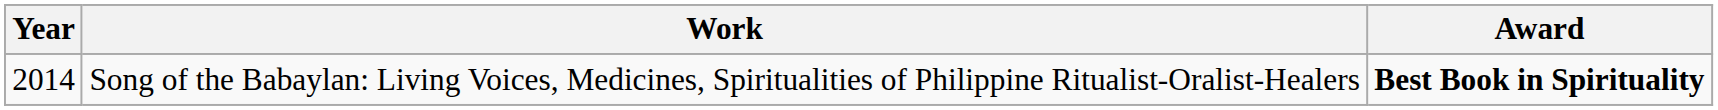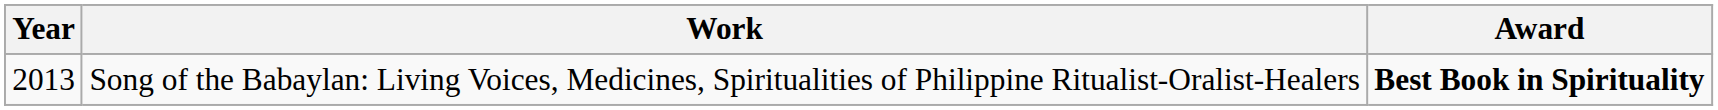 <table class="wikitable" style="text-align: center;">
 <tr>
 <th>Year</th>
 <th>Work</th>
 <th>Award</th>
 </tr>
 <tr>
-<td>2014</td>
+<td>2013</td>
 <td>Song of the Babaylan: Living Voices, Medicines, Spiritualities of Philippine Ritualist-Oralist-Healers</td>
 <td><strong>Best Book in Spirituality</strong></td>
 </tr>
 </table>
